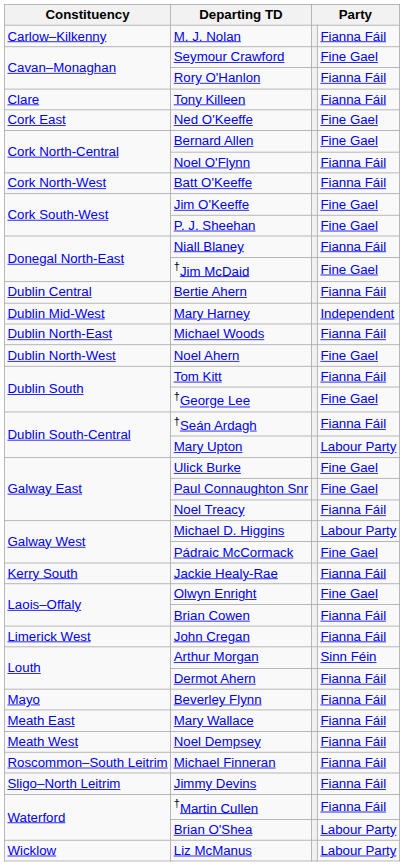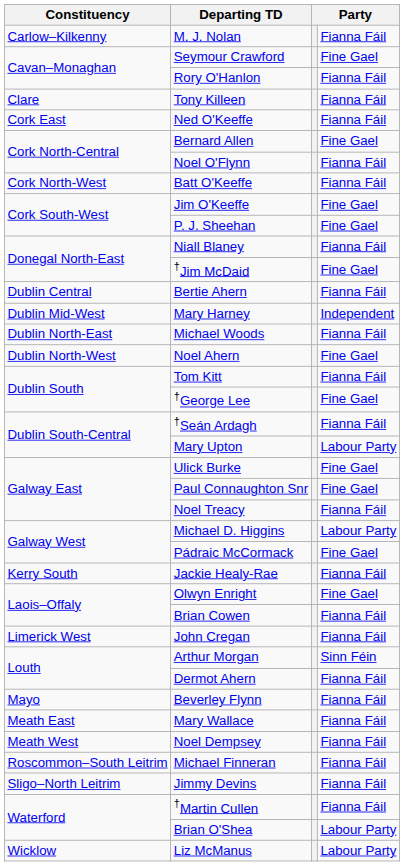 <table class="wikitable">
 <tr>
 <th>Constituency</th>
 <th>Departing TD</th>
 <th colspan="2">Party</th>
 </tr>
 <tr>
 <td><a href='#'>Carlow–Kilkenny</a></td>
 <td><a href='#'>M. J. Nolan</a></td>
 <th style="background-color: "></th>
 <td><a href='#'>Fianna Fáil</a></td>
 </tr>
 <tr>
 <td rowspan=2><a href='#'>Cavan–Monaghan</a></td>
 <td><a href='#'>Seymour Crawford</a></td>
 <th style="background-color: "></th>
 <td><a href='#'>Fine Gael</a></td>
 </tr>
 <tr>
 <td><a href='#'>Rory O'Hanlon</a></td>
 <th style="background-color: "></th>
 <td><a href='#'>Fianna Fáil</a></td>
 </tr>
 <tr>
 <td><a href='#'>Clare</a></td>
 <td><a href='#'>Tony Killeen</a></td>
 <th style="background-color: "></th>
 <td><a href='#'>Fianna Fáil</a></td>
 </tr>
 <tr>
 <td><a href='#'>Cork East</a></td>
 <td><a href='#'>Ned O'Keeffe</a></td>
 <th style="background-color: "></th>
-<td><a href='#'>Fine Gael</a></td>
+<td><a href='#'>Fianna Fáil</a></td>
 </tr>
 <tr>
 <td rowspan=2><a href='#'>Cork North-Central</a></td>
 <td><a href='#'>Bernard Allen</a></td>
 <th style="background-color: "></th>
 <td><a href='#'>Fine Gael</a></td>
 </tr>
 <tr>
 <td><a href='#'>Noel O'Flynn</a></td>
 <th style="background-color: "></th>
 <td><a href='#'>Fianna Fáil</a></td>
 </tr>
 <tr>
 <td><a href='#'>Cork North-West</a></td>
 <td><a href='#'>Batt O'Keeffe</a></td>
 <th style="background-color: "></th>
 <td><a href='#'>Fianna Fáil</a></td>
 </tr>
 <tr>
 <td rowspan=2><a href='#'>Cork South-West</a></td>
 <td><a href='#'>Jim O'Keeffe</a></td>
 <th style="background-color: "></th>
 <td><a href='#'>Fine Gael</a></td>
 </tr>
 <tr>
 <td><a href='#'>P. J. Sheehan</a></td>
 <th style="background-color: "></th>
 <td><a href='#'>Fine Gael</a></td>
 </tr>
 <tr>
 <td rowspan=2><a href='#'>Donegal North-East</a></td>
 <td><a href='#'>Niall Blaney</a></td>
 <th style="background-color: "></th>
 <td><a href='#'>Fianna Fáil</a></td>
 </tr>
 <tr>
 <td><sup>†</sup><a href='#'>Jim McDaid</a></td>
 <th style="background-color: "></th>
 <td><a href='#'>Fine Gael</a></td>
 </tr>
 <tr>
 <td><a href='#'>Dublin Central</a></td>
 <td><a href='#'>Bertie Ahern</a></td>
 <th style="background-color: "></th>
 <td><a href='#'>Fianna Fáil</a></td>
 </tr>
 <tr>
 <td><a href='#'>Dublin Mid-West</a></td>
 <td><a href='#'>Mary Harney</a></td>
 <th style="background-color: "></th>
 <td><a href='#'>Independent</a></td>
 </tr>
 <tr>
 <td><a href='#'>Dublin North-East</a></td>
 <td><a href='#'>Michael Woods</a></td>
 <th style="background-color: "></th>
 <td><a href='#'>Fianna Fáil</a></td>
 </tr>
 <tr>
 <td><a href='#'>Dublin North-West</a></td>
 <td><a href='#'>Noel Ahern</a></td>
 <th style="background-color: "></th>
 <td><a href='#'>Fine Gael</a></td>
 </tr>
 <tr>
 <td rowspan=2><a href='#'>Dublin South</a></td>
 <td><a href='#'>Tom Kitt</a></td>
 <th style="background-color: "></th>
 <td><a href='#'>Fianna Fáil</a></td>
 </tr>
 <tr>
 <td><sup>†</sup><a href='#'>George Lee</a></td>
 <th style="background-color: "></th>
 <td><a href='#'>Fine Gael</a></td>
 </tr>
 <tr>
 <td rowspan=2><a href='#'>Dublin South-Central</a></td>
 <td><sup>†</sup><a href='#'>Seán Ardagh</a></td>
 <th style="background-color: "></th>
 <td><a href='#'>Fianna Fáil</a></td>
 </tr>
 <tr>
 <td><a href='#'>Mary Upton</a></td>
 <th style="background-color: "></th>
 <td><a href='#'>Labour Party</a></td>
 </tr>
 <tr>
 <td rowspan=3><a href='#'>Galway East</a></td>
 <td><a href='#'>Ulick Burke</a></td>
 <th style="background-color: "></th>
 <td><a href='#'>Fine Gael</a></td>
 </tr>
 <tr>
 <td><a href='#'>Paul Connaughton Snr</a></td>
 <th style="background-color: "></th>
 <td><a href='#'>Fine Gael</a></td>
 </tr>
 <tr>
 <td><a href='#'>Noel Treacy</a></td>
 <th style="background-color: "></th>
 <td><a href='#'>Fianna Fáil</a></td>
 </tr>
 <tr>
 <td rowspan=2><a href='#'>Galway West</a></td>
 <td><a href='#'>Michael D. Higgins</a></td>
 <th style="background-color: "></th>
 <td><a href='#'>Labour Party</a></td>
 </tr>
 <tr>
 <td><a href='#'>Pádraic McCormack</a></td>
 <th style="background-color: "></th>
 <td><a href='#'>Fine Gael</a></td>
 </tr>
 <tr>
 <td><a href='#'>Kerry South</a></td>
 <td><a href='#'>Jackie Healy-Rae</a></td>
 <th style="background-color: "></th>
 <td><a href='#'>Fianna Fáil</a></td>
 </tr>
 <tr>
 <td rowspan=2><a href='#'>Laois–Offaly</a></td>
 <td><a href='#'>Olwyn Enright</a></td>
 <th style="background-color: "></th>
 <td><a href='#'>Fine Gael</a></td>
 </tr>
 <tr>
 <td><a href='#'>Brian Cowen</a></td>
 <th style="background-color: "></th>
 <td><a href='#'>Fianna Fáil</a></td>
 </tr>
 <tr>
 <td><a href='#'>Limerick West</a></td>
 <td><a href='#'>John Cregan</a></td>
 <th style="background-color: "></th>
 <td><a href='#'>Fianna Fáil</a></td>
 </tr>
 <tr>
 <td rowspan=2><a href='#'>Louth</a></td>
 <td><a href='#'>Arthur Morgan</a></td>
 <th style="background-color: "></th>
 <td><a href='#'>Sinn Féin</a></td>
 </tr>
 <tr>
 <td><a href='#'>Dermot Ahern</a></td>
 <th style="background-color: "></th>
 <td><a href='#'>Fianna Fáil</a></td>
 </tr>
 <tr>
 <td><a href='#'>Mayo</a></td>
 <td><a href='#'>Beverley Flynn</a></td>
 <th style="background-color: "></th>
 <td><a href='#'>Fianna Fáil</a></td>
 </tr>
 <tr>
 <td><a href='#'>Meath East</a></td>
 <td><a href='#'>Mary Wallace</a></td>
 <th style="background-color: "></th>
 <td><a href='#'>Fianna Fáil</a></td>
 </tr>
 <tr>
 <td><a href='#'>Meath West</a></td>
 <td><a href='#'>Noel Dempsey</a></td>
 <th style="background-color: "></th>
 <td><a href='#'>Fianna Fáil</a></td>
 </tr>
 <tr>
 <td><a href='#'>Roscommon–South Leitrim</a></td>
 <td><a href='#'>Michael Finneran</a></td>
 <th style="background-color: "></th>
 <td><a href='#'>Fianna Fáil</a></td>
 </tr>
 <tr>
 <td><a href='#'>Sligo–North Leitrim</a></td>
 <td><a href='#'>Jimmy Devins</a></td>
 <th style="background-color:"></th>
 <td><a href='#'>Fianna Fáil</a></td>
 </tr>
 <tr>
 <td rowspan=2><a href='#'>Waterford</a></td>
 <td><sup>†</sup><a href='#'>Martin Cullen</a></td>
 <th style="background-color:"></th>
 <td><a href='#'>Fianna Fáil</a></td>
 </tr>
 <tr>
 <td><a href='#'>Brian O'Shea</a></td>
 <th style="background-color: "></th>
 <td><a href='#'>Labour Party</a></td>
 </tr>
 <tr>
 <td><a href='#'>Wicklow</a></td>
 <td><a href='#'>Liz McManus</a></td>
 <th style="background-color: "></th>
 <td><a href='#'>Labour Party</a></td>
 </tr>
 </table>
